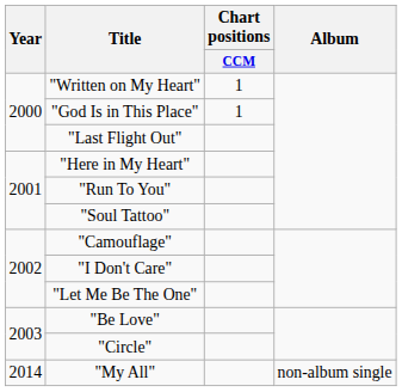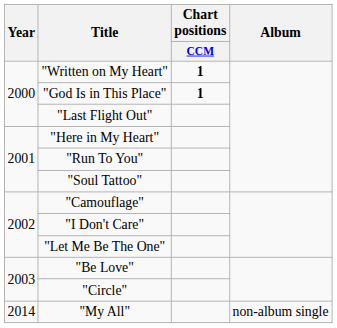 <table class=wikitable style=text-align:center;>
 <tr>
 <th rowspan="2">Year</th>
 <th rowspan="2">Title</th>
 <th colspan="1">Chart positions</th>
 <th rowspan="2">Album</th>
 </tr>
 <tr style=font-size:smaller;>
 <th width=50><a href='#'>CCM</a></th>
 </tr>
 <tr>
 <td rowspan="3">2000</td>
 <td>"Written on My Heart"</td>
-<td>1</td>
+<td><strong>1</strong></td>
 <td rowspan="6"></td>
 </tr>
 <tr>
 <td>"God Is in This Place"</td>
-<td>1</td>
+<td><strong>1</strong></td>
 </tr>
 <tr>
 <td>"Last Flight Out"</td>
 <td></td>
 </tr>
 <tr>
 <td rowspan="3">2001</td>
 <td>"Here in My Heart"</td>
 <td></td>
 </tr>
 <tr>
 <td>"Run To You"</td>
 <td></td>
 </tr>
 <tr>
 <td>"Soul Tattoo"</td>
 <td></td>
 </tr>
 <tr>
 <td rowspan="3">2002</td>
 <td>"Camouflage"</td>
 <td></td>
 <td rowspan="3"></td>
 </tr>
 <tr>
 <td>"I Don't Care"</td>
 <td></td>
 </tr>
 <tr>
 <td>"Let Me Be The One" </td>
 <td></td>
 </tr>
 <tr>
 <td rowspan="2">2003</td>
 <td>"Be Love"</td>
 <td></td>
 <td rowspan="2"></td>
 </tr>
 <tr>
 <td>"Circle"</td>
 <td></td>
 </tr>
 <tr>
 <td>2014</td>
 <td>"My All"</td>
 <td></td>
 <td>non-album single</td>
 </tr>
 </table>
